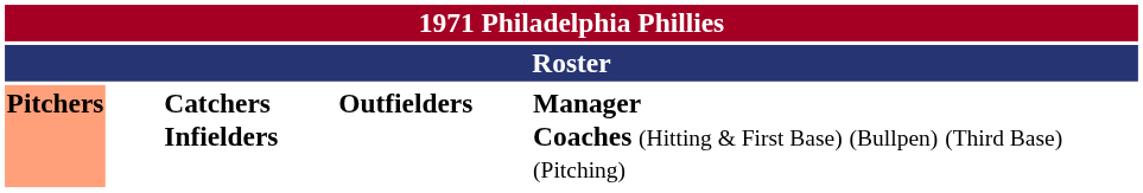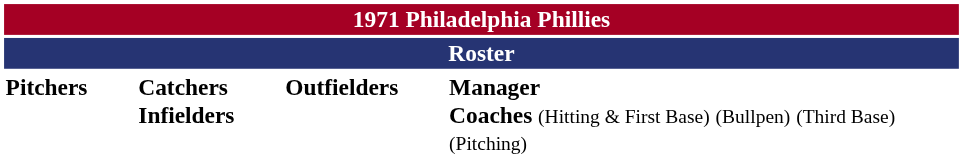 <table class="toccolours" style="font-size: 95%;">
 <tr>
 <th colspan="10" style="background-color: #A50024; color: white; text-align: center;">1971 Philadelphia Phillies</th>
 </tr>
 <tr>
 <td colspan="10" style="background-color: #263473; color: white; text-align: center;"><strong>Roster</strong></td>
 </tr>
 <tr>
-<td valign="top" style="background: lightsalmon;"><strong>Pitchers</strong><br>             </td>
+<td valign="top"><strong>Pitchers</strong><br>             </td>
 <td width="25px"></td>
 <td valign="top"><strong>Catchers</strong><br>   <strong>Infielders</strong>         </td>
 <td width="25px"></td>
 <td valign="top"><strong>Outfielders</strong><br>        </td>
 <td width="25px"></td>
 <td valign="top"><strong>Manager</strong><br> <strong>Coaches</strong> <small>(Hitting & First Base)</small>   <small>(Bullpen)</small>  <small>(Third Base)</small>  <small>(Pitching)</small></td>
 </tr>
 <tr>
 </tr>
 </table>
